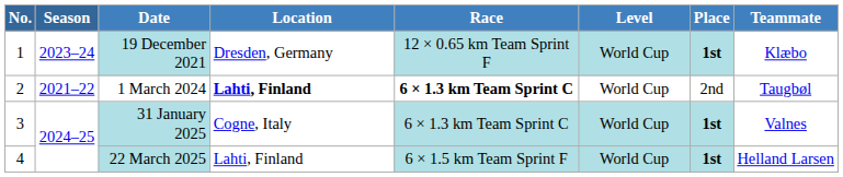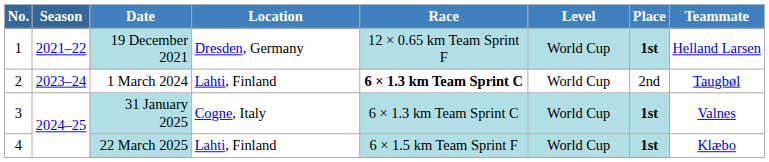 <table class="wikitable sortable" style="font-size:95%; text-align:center; border:grey solid 1px; border-collapse:collapse; background:#ffffff;">
 <tr style="background:#efefef;">
 <th style="background-color:#369; color:white;">No.</th>
 <th style="background-color:#369; color:white;">Season</th>
 <th style="background-color:#4180be; color:white; width:100px;">Date</th>
 <th style="background-color:#4180be; color:white; width:170px;">Location</th>
 <th style="background-color:#4180be; color:white; width:170px;">Race</th>
 <th style="background-color:#4180be; color:white; width:100px;">Level</th>
 <th style="background-color:#4180be; color:white;">Place</th>
 <th style="background-color:#4180be; color:white;">Teammate</th>
 </tr>
 <tr>
 <td align=center>1</td>
-<td rowspan=1 align=center><a href='#'>2023–24</a></td>
+<td rowspan=1 align=center><a href='#'>2021–22</a></td>
 <td bgcolor="#BOEOE6" align=right>19 December 2021</td>
 <td align=left> <a href='#'>Dresden</a>, Germany</td>
 <td bgcolor="#BOEOE6">12 × 0.65 km Team Sprint F</td>
 <td bgcolor="#BOEOE6">World Cup</td>
 <td bgcolor="#BOEOE6"><strong>1st</strong></td>
-<td><a href='#'>Klæbo</a></td>
+<td><a href='#'>Helland Larsen</a></td>
 </tr>
 <tr>
 <td align=center>2</td>
-<td rowspan=1 align=center><a href='#'>2021–22</a></td>
+<td rowspan=1 align=center><a href='#'>2023–24</a></td>
 <td align=right>1 March 2024</td>
-<td align=left><strong> <a href='#'>Lahti</a>, Finland</strong></td>
+<td align=left> <a href='#'>Lahti</a>, Finland</td>
 <td><strong>6 × 1.3 km Team Sprint C</strong></td>
 <td>World Cup</td>
 <td>2nd</td>
 <td><a href='#'>Taugbøl</a></td>
 </tr>
 <tr>
 <td align=center>3</td>
 <td rowspan=2 align=center><a href='#'>2024–25</a></td>
 <td bgcolor="#BOEOE6" align=right>31 January 2025</td>
 <td align=left> <a href='#'>Cogne</a>, Italy</td>
 <td bgcolor="#BOEOE6">6 × 1.3 km Team Sprint C</td>
 <td bgcolor="#BOEOE6">World Cup</td>
 <td bgcolor="#BOEOE6"><strong>1st</strong></td>
 <td><a href='#'>Valnes</a></td>
 </tr>
 <tr>
 <td align=center>4</td>
 <td bgcolor="#BOEOE6" align=right>22 March 2025</td>
 <td align=left> <a href='#'>Lahti</a>, Finland</td>
 <td bgcolor="#BOEOE6">6 × 1.5 km Team Sprint F</td>
 <td bgcolor="#BOEOE6">World Cup</td>
 <td bgcolor="#BOEOE6"><strong>1st</strong></td>
-<td><a href='#'>Helland Larsen</a></td>
+<td><a href='#'>Klæbo</a></td>
 </tr>
 </table>
